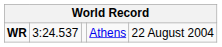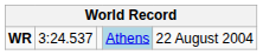 <table class="wikitable">
 <tr>
 <th colspan=5>World Record</th>
 </tr>
 <tr>
 <td><strong>WR</strong></td>
 <td>3:24.537</td>
 <td></td>
-<td><a href='#'>Athens</a> </td>
+<td style="background: lightblue;"><a href='#'>Athens</a> </td>
 <td>22 August 2004</td>
 </tr>
 </table>
